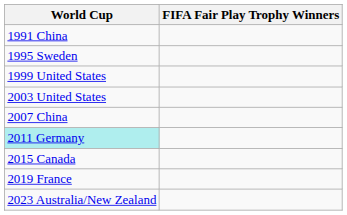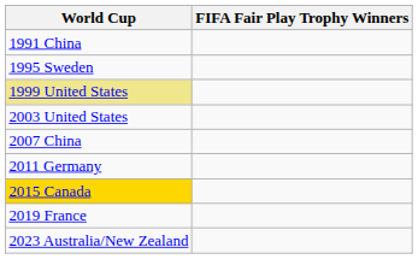 <table class="wikitable">
 <tr>
 <th>World Cup</th>
 <th>FIFA Fair Play Trophy Winners</th>
 </tr>
 <tr>
 <td><a href='#'>1991 China</a></td>
 <td align=left></td>
 </tr>
 <tr>
 <td><a href='#'>1995 Sweden</a></td>
 <td align=left></td>
 </tr>
 <tr>
-<td><a href='#'>1999 United States</a></td>
+<td style="background: khaki;"><a href='#'>1999 United States</a></td>
 <td align=left></td>
 </tr>
 <tr>
 <td><a href='#'>2003 United States</a></td>
 <td align=left></td>
 </tr>
 <tr>
 <td><a href='#'>2007 China</a></td>
 <td align=left></td>
 </tr>
 <tr>
-<td style="background: paleturquoise;"><a href='#'>2011 Germany</a></td>
+<td><a href='#'>2011 Germany</a></td>
 <td align=left></td>
 </tr>
 <tr>
-<td><a href='#'>2015 Canada</a></td>
+<td style="background: gold;"><a href='#'>2015 Canada</a></td>
 <td align=left></td>
 </tr>
 <tr>
 <td><a href='#'>2019 France</a></td>
 <td align=left></td>
 </tr>
 <tr>
 <td><a href='#'>2023 Australia/New Zealand</a></td>
 <td align=left></td>
 </tr>
 </table>
